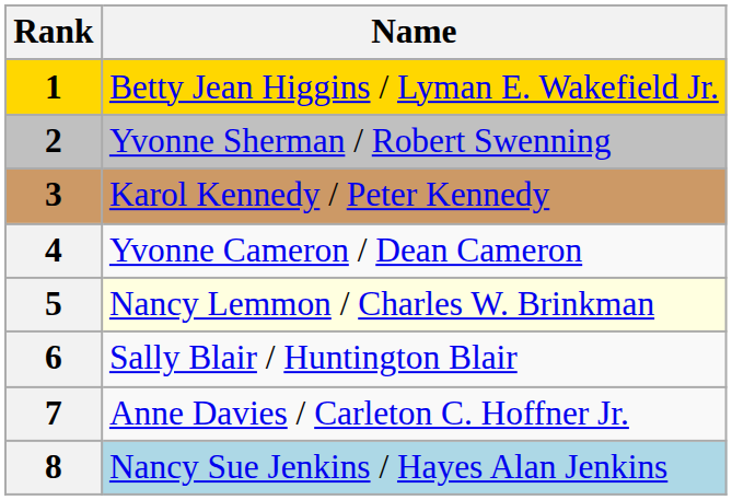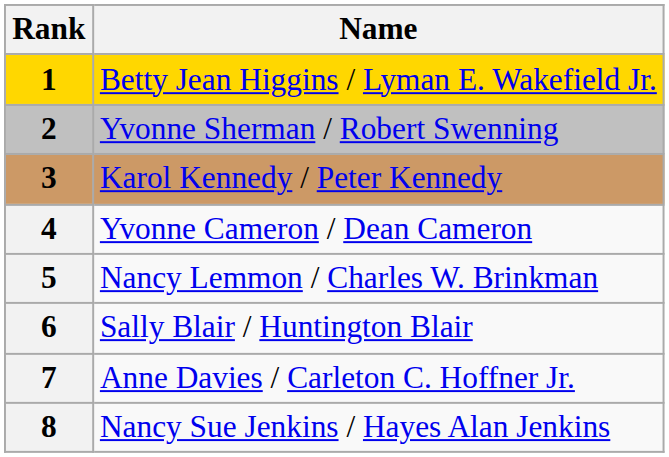 <table class="wikitable">
 <tr>
 <th>Rank</th>
 <th>Name</th>
 </tr>
 <tr bgcolor="gold">
 <td align="center"><strong>1</strong></td>
 <td><a href='#'>Betty Jean Higgins</a> / <a href='#'>Lyman E. Wakefield Jr.</a></td>
 </tr>
 <tr bgcolor="silver">
 <td align="center"><strong>2</strong></td>
 <td><a href='#'>Yvonne Sherman</a> / <a href='#'>Robert Swenning</a></td>
 </tr>
 <tr bgcolor="cc9966">
 <td align="center"><strong>3</strong></td>
 <td><a href='#'>Karol Kennedy</a> / <a href='#'>Peter Kennedy</a></td>
 </tr>
 <tr>
 <th>4</th>
 <td><a href='#'>Yvonne Cameron</a> / <a href='#'>Dean Cameron</a></td>
 </tr>
 <tr>
 <th>5</th>
-<td style="background: lightyellow;"><a href='#'>Nancy Lemmon</a> / <a href='#'>Charles W. Brinkman</a></td>
+<td><a href='#'>Nancy Lemmon</a> / <a href='#'>Charles W. Brinkman</a></td>
 </tr>
 <tr>
 <th>6</th>
 <td><a href='#'>Sally Blair</a> / <a href='#'>Huntington Blair</a></td>
 </tr>
 <tr>
 <th>7</th>
 <td><a href='#'>Anne Davies</a> / <a href='#'>Carleton C. Hoffner Jr.</a></td>
 </tr>
 <tr>
 <th>8</th>
-<td style="background: lightblue;"><a href='#'>Nancy Sue Jenkins</a> / <a href='#'>Hayes Alan Jenkins</a></td>
+<td><a href='#'>Nancy Sue Jenkins</a> / <a href='#'>Hayes Alan Jenkins</a></td>
 </tr>
 </table>
